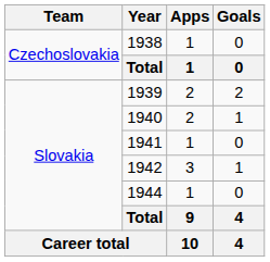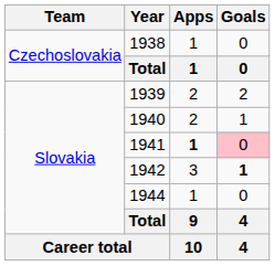 <table class="wikitable" style="text-align:center">
 <tr>
 <th>Team</th>
 <th>Year</th>
 <th>Apps</th>
 <th>Goals</th>
 </tr>
 <tr>
 <td rowspan="2"><a href='#'>Czechoslovakia</a></td>
 <td>1938</td>
 <td>1</td>
 <td>0</td>
 </tr>
 <tr>
 <th>Total</th>
 <th>1</th>
 <th>0</th>
 </tr>
 <tr>
 <td rowspan="6"><a href='#'>Slovakia</a></td>
 <td>1939</td>
 <td>2</td>
 <td>2</td>
 </tr>
 <tr>
 <td>1940</td>
 <td>2</td>
 <td>1</td>
 </tr>
 <tr>
 <td>1941</td>
-<td>1</td>
-<td>0</td>
+<td><strong>1</strong></td>
+<td style="background: pink;">0</td>
 </tr>
 <tr>
 <td>1942</td>
 <td>3</td>
-<td>1</td>
+<td><strong>1</strong></td>
 </tr>
 <tr>
 <td>1944</td>
 <td>1</td>
 <td>0</td>
 </tr>
 <tr>
 <th>Total</th>
 <th>9</th>
 <th>4</th>
 </tr>
 <tr>
 <th colspan="2">Career total</th>
 <th>10</th>
 <th>4</th>
 </tr>
 </table>
